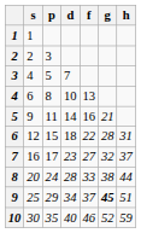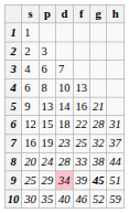 <table class="wikitable">
 <tr>
 <th></th>
 <th>s</th>
 <th>p</th>
 <th>d</th>
 <th>f</th>
 <th>g</th>
 <th>h</th>
 </tr>
 <tr>
 <th><em>1</em></th>
 <td>1</td>
 <td></td>
 <td></td>
 <td></td>
 <td></td>
 <td></td>
 </tr>
 <tr>
 <th><em>2</em></th>
 <td>2</td>
 <td>3</td>
 <td></td>
 <td></td>
 <td></td>
 <td></td>
 </tr>
 <tr>
 <th><em>3</em></th>
 <td>4</td>
-<td>5</td>
+<td>6</td>
 <td>7</td>
 <td></td>
 <td></td>
 <td></td>
 </tr>
 <tr>
 <th><em>4</em></th>
 <td>6</td>
 <td>8</td>
 <td>10</td>
 <td>13</td>
 <td></td>
 <td></td>
 </tr>
 <tr>
 <th><em>5</em></th>
 <td>9</td>
-<td>11</td>
+<td>13</td>
 <td>14</td>
 <td>16</td>
 <td><em>21</em></td>
 <td></td>
 </tr>
 <tr>
 <th><em>6</em></th>
 <td>12</td>
 <td>15</td>
 <td>18</td>
 <td><em>22</em></td>
 <td><em>28</em></td>
 <td><em>31</em></td>
 </tr>
 <tr>
 <th><em>7</em></th>
 <td>16</td>
-<td>17</td>
+<td>19</td>
 <td><em>23</em></td>
-<td><em>27</em></td>
+<td><em>25</em></td>
 <td><em>32</em></td>
 <td><em>37</em></td>
 </tr>
 <tr>
 <th><em>8</em></th>
 <td><em>20</em></td>
 <td><em>24</em></td>
 <td><em>28</em></td>
 <td><em>33</em></td>
 <td><em>38</em></td>
 <td><em>44</em></td>
 </tr>
 <tr>
 <th><em>9</em></th>
 <td><em>25</em></td>
 <td><em>29</em></td>
-<td><em>34</em></td>
-<td><em>37</em></td>
+<td style="background: pink;"><em>34</em></td>
+<td><em>39</em></td>
 <td><strong><em>45</em></strong></td>
 <td><em>51</em></td>
 </tr>
 <tr>
 <th><em>10</em></th>
 <td><em>30</em></td>
 <td><em>35</em></td>
 <td><em>40</em></td>
 <td><em>46</em></td>
 <td><em>52</em></td>
 <td><em>59</em></td>
 </tr>
 </table>
